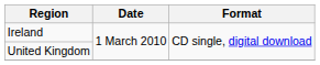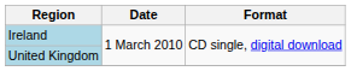 <table class="wikitable">
 <tr>
 <th>Region</th>
 <th>Date</th>
 <th>Format</th>
 </tr>
 <tr>
-<td>Ireland</td>
+<td style="background: lightblue;">Ireland</td>
 <td rowspan="2">1 March 2010</td>
 <td rowspan="2">CD single, <a href='#'>digital download</a></td>
 </tr>
 <tr>
-<td>United Kingdom</td>
+<td style="background: lightblue;">United Kingdom</td>
 </tr>
 <tr>
 </tr>
 </table>
